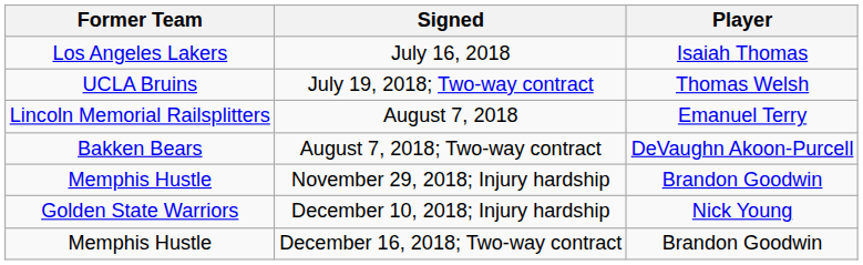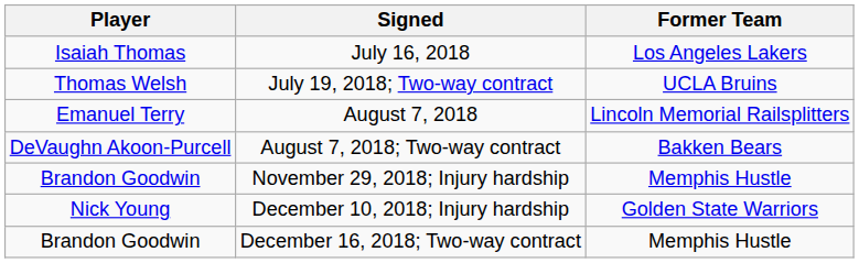 <table class="wikitable sortable sortable">
 <tr>
+<th>Player</th>
+<th>Signed</th>
 <th>Former Team</th>
-<th>Signed</th>
-<th>Player</th>
 </tr>
 <tr style="text-align: center">
+<td><a href='#'>Isaiah Thomas</a></td>
+<td>July 16, 2018</td>
 <td><a href='#'>Los Angeles Lakers</a></td>
-<td>July 16, 2018</td>
-<td><a href='#'>Isaiah Thomas</a></td>
 </tr>
 <tr style="text-align: center">
+<td><a href='#'>Thomas Welsh</a></td>
+<td>July 19, 2018; <a href='#'>Two-way contract</a></td>
 <td><a href='#'>UCLA Bruins</a></td>
-<td>July 19, 2018; <a href='#'>Two-way contract</a></td>
-<td><a href='#'>Thomas Welsh</a></td>
 </tr>
 <tr style="text-align: center">
+<td><a href='#'>Emanuel Terry</a></td>
+<td>August 7, 2018</td>
 <td><a href='#'>Lincoln Memorial Railsplitters</a></td>
-<td>August 7, 2018</td>
-<td><a href='#'>Emanuel Terry</a></td>
 </tr>
 <tr style="text-align: center">
+<td><a href='#'>DeVaughn Akoon-Purcell</a></td>
+<td>August 7, 2018; Two-way contract</td>
 <td> <a href='#'>Bakken Bears</a></td>
-<td>August 7, 2018; Two-way contract</td>
-<td><a href='#'>DeVaughn Akoon-Purcell</a></td>
 </tr>
 <tr style="text-align: center">
+<td><a href='#'>Brandon Goodwin</a></td>
+<td>November 29, 2018; Injury hardship</td>
 <td> <a href='#'>Memphis Hustle</a></td>
-<td>November 29, 2018; Injury hardship</td>
-<td><a href='#'>Brandon Goodwin</a></td>
 </tr>
 <tr style="text-align: center">
+<td><a href='#'>Nick Young</a></td>
+<td>December 10, 2018; Injury hardship</td>
 <td><a href='#'>Golden State Warriors</a></td>
-<td>December 10, 2018; Injury hardship</td>
-<td><a href='#'>Nick Young</a></td>
 </tr>
 <tr style="text-align: center">
+<td>Brandon Goodwin</td>
+<td>December 16, 2018; Two-way contract</td>
 <td> Memphis Hustle</td>
-<td>December 16, 2018; Two-way contract</td>
-<td>Brandon Goodwin</td>
 </tr>
 </table>
